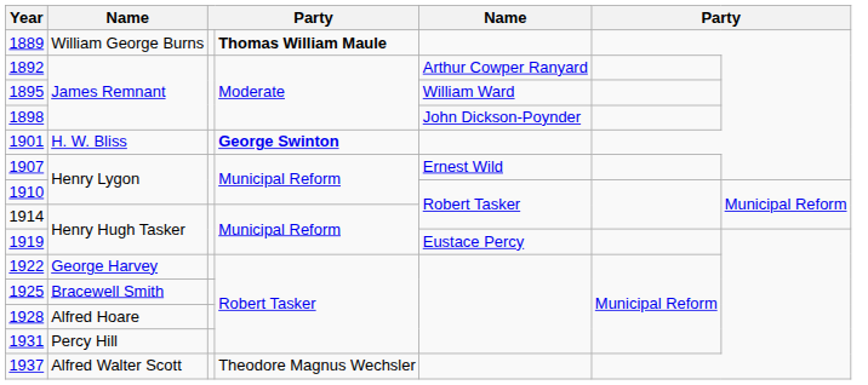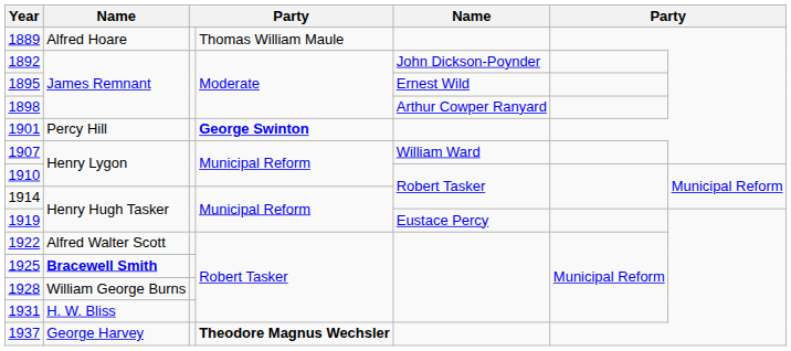 <table class="wikitable">
 <tr>
 <th>Year</th>
 <th>Name</th>
 <th colspan=2>Party</th>
 <th>Name</th>
 <th colspan=2>Party</th>
 </tr>
 <tr>
 <td><a href='#'>1889</a></td>
-<td>William George Burns</td>
+<td>Alfred Hoare</td>
 <td></td>
-<td><strong>Thomas William Maule</strong></td>
+<td>Thomas William Maule</td>
 <td></td>
 </tr>
 <tr>
 <td><a href='#'>1892</a></td>
 <td rowspan=3><a href='#'>James Remnant</a></td>
 <td rowspan=3 style="background-color: "></td>
 <td rowspan=3><a href='#'>Moderate</a></td>
+<td><a href='#'>John Dickson-Poynder</a></td>
+<td></td>
+</tr>
+<tr>
+<td><a href='#'>1895</a></td>
+<td><a href='#'>Ernest Wild</a></td>
+<td></td>
+</tr>
+<tr>
+<td><a href='#'>1898</a></td>
 <td><a href='#'>Arthur Cowper Ranyard</a></td>
 <td></td>
 </tr>
 <tr>
-<td><a href='#'>1895</a></td>
-<td><a href='#'>William Ward</a></td>
-<td></td>
-</tr>
-<tr>
-<td><a href='#'>1898</a></td>
-<td><a href='#'>John Dickson-Poynder</a></td>
-<td></td>
-</tr>
-<tr>
 <td><a href='#'>1901</a></td>
-<td><a href='#'>H. W. Bliss</a></td>
+<td>Percy Hill</td>
 <td></td>
 <td><strong><a href='#'>George Swinton</a></strong></td>
 <td></td>
 </tr>
 <tr>
 <td><a href='#'>1907</a></td>
 <td rowspan=2>Henry Lygon</td>
 <td rowspan=2 style="background-color: "></td>
 <td rowspan=2><a href='#'>Municipal Reform</a></td>
-<td><a href='#'>Ernest Wild</a></td>
+<td><a href='#'>William Ward</a></td>
 <td></td>
 </tr>
 <tr>
 <td><a href='#'>1910</a></td>
 <td rowspan=2><a href='#'>Robert Tasker</a></td>
 <td rowspan=2 style="background-color: "></td>
 <td rowspan=2><a href='#'>Municipal Reform</a></td>
 </tr>
 <tr>
 <td>1914</td>
 <td rowspan=2>Henry Hugh Tasker</td>
 <td rowspan=2 style="background-color: "></td>
 <td rowspan=2><a href='#'>Municipal Reform</a></td>
 </tr>
 <tr>
 <td><a href='#'>1919</a></td>
 <td><a href='#'>Eustace Percy</a></td>
 <td></td>
 </tr>
 <tr>
 <td><a href='#'>1922</a></td>
-<td><a href='#'>George Harvey</a></td>
+<td>Alfred Walter Scott</td>
 <td></td>
 <td rowspan=4><a href='#'>Robert Tasker</a></td>
 <td rowspan=4 style="background-color: "></td>
 <td rowspan=4><a href='#'>Municipal Reform</a></td>
 </tr>
 <tr>
 <td><a href='#'>1925</a></td>
-<td><a href='#'>Bracewell Smith</a></td>
+<td><strong><a href='#'>Bracewell Smith</a></strong></td>
 <td></td>
 </tr>
 <tr>
 <td><a href='#'>1928</a></td>
-<td>Alfred Hoare</td>
+<td>William George Burns</td>
 <td></td>
 </tr>
 <tr>
 <td><a href='#'>1931</a></td>
-<td>Percy Hill</td>
+<td><a href='#'>H. W. Bliss</a></td>
 <td></td>
 </tr>
 <tr>
 <td><a href='#'>1937</a></td>
-<td>Alfred Walter Scott</td>
+<td><a href='#'>George Harvey</a></td>
 <td></td>
-<td>Theodore Magnus Wechsler</td>
+<td><strong>Theodore Magnus Wechsler</strong></td>
 <td></td>
 </tr>
 </table>
